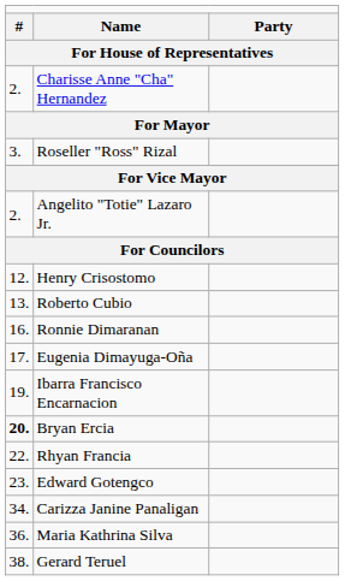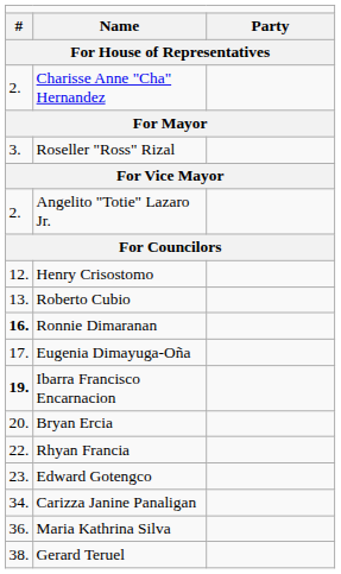 <table class=wikitable style="font-size:90%">
 <tr>
 <td colspan=4 bgcolor=></td>
 </tr>
 <tr>
 <th>#</th>
 <th width=150px>Name</th>
 <th colspan=2 width=110px>Party</th>
 </tr>
 <tr>
 <th colspan="4">For House of Representatives</th>
 </tr>
 <tr>
 <td>2.</td>
 <td><a href='#'>Charisse Anne "Cha" Hernandez</a></td>
 <td></td>
 </tr>
 <tr>
 <th colspan="4">For Mayor</th>
 </tr>
 <tr>
 <td>3.</td>
 <td>Roseller "Ross" Rizal</td>
 <td></td>
 </tr>
 <tr>
 <th colspan="4">For Vice Mayor</th>
 </tr>
 <tr>
 <td>2.</td>
 <td>Angelito "Totie" Lazaro Jr.</td>
 <td></td>
 </tr>
 <tr>
 <th colspan="4">For Councilors</th>
 </tr>
 <tr>
 <td>12.</td>
 <td>Henry Crisostomo</td>
 <td></td>
 </tr>
 <tr>
 <td>13.</td>
 <td>Roberto Cubio</td>
 <td></td>
 </tr>
 <tr>
-<td>16.</td>
+<td><strong>16.</strong></td>
 <td>Ronnie Dimaranan</td>
 <td></td>
 </tr>
 <tr>
 <td>17.</td>
 <td>Eugenia Dimayuga-Oña</td>
 <td></td>
 </tr>
 <tr>
-<td>19.</td>
+<td><strong>19.</strong></td>
 <td>Ibarra Francisco Encarnacion</td>
 <td></td>
 </tr>
 <tr>
-<td><strong>20.</strong></td>
+<td>20.</td>
 <td>Bryan Ercia</td>
 <td></td>
 </tr>
 <tr>
 <td>22.</td>
 <td>Rhyan Francia</td>
 <td></td>
 </tr>
 <tr>
 <td>23.</td>
 <td>Edward Gotengco</td>
 <td></td>
 </tr>
 <tr>
 <td>34.</td>
 <td>Carizza Janine Panaligan</td>
 <td></td>
 </tr>
 <tr>
 <td>36.</td>
 <td>Maria Kathrina Silva</td>
 <td></td>
 </tr>
 <tr>
 <td>38.</td>
 <td>Gerard Teruel</td>
 <td></td>
 </tr>
 </table>
